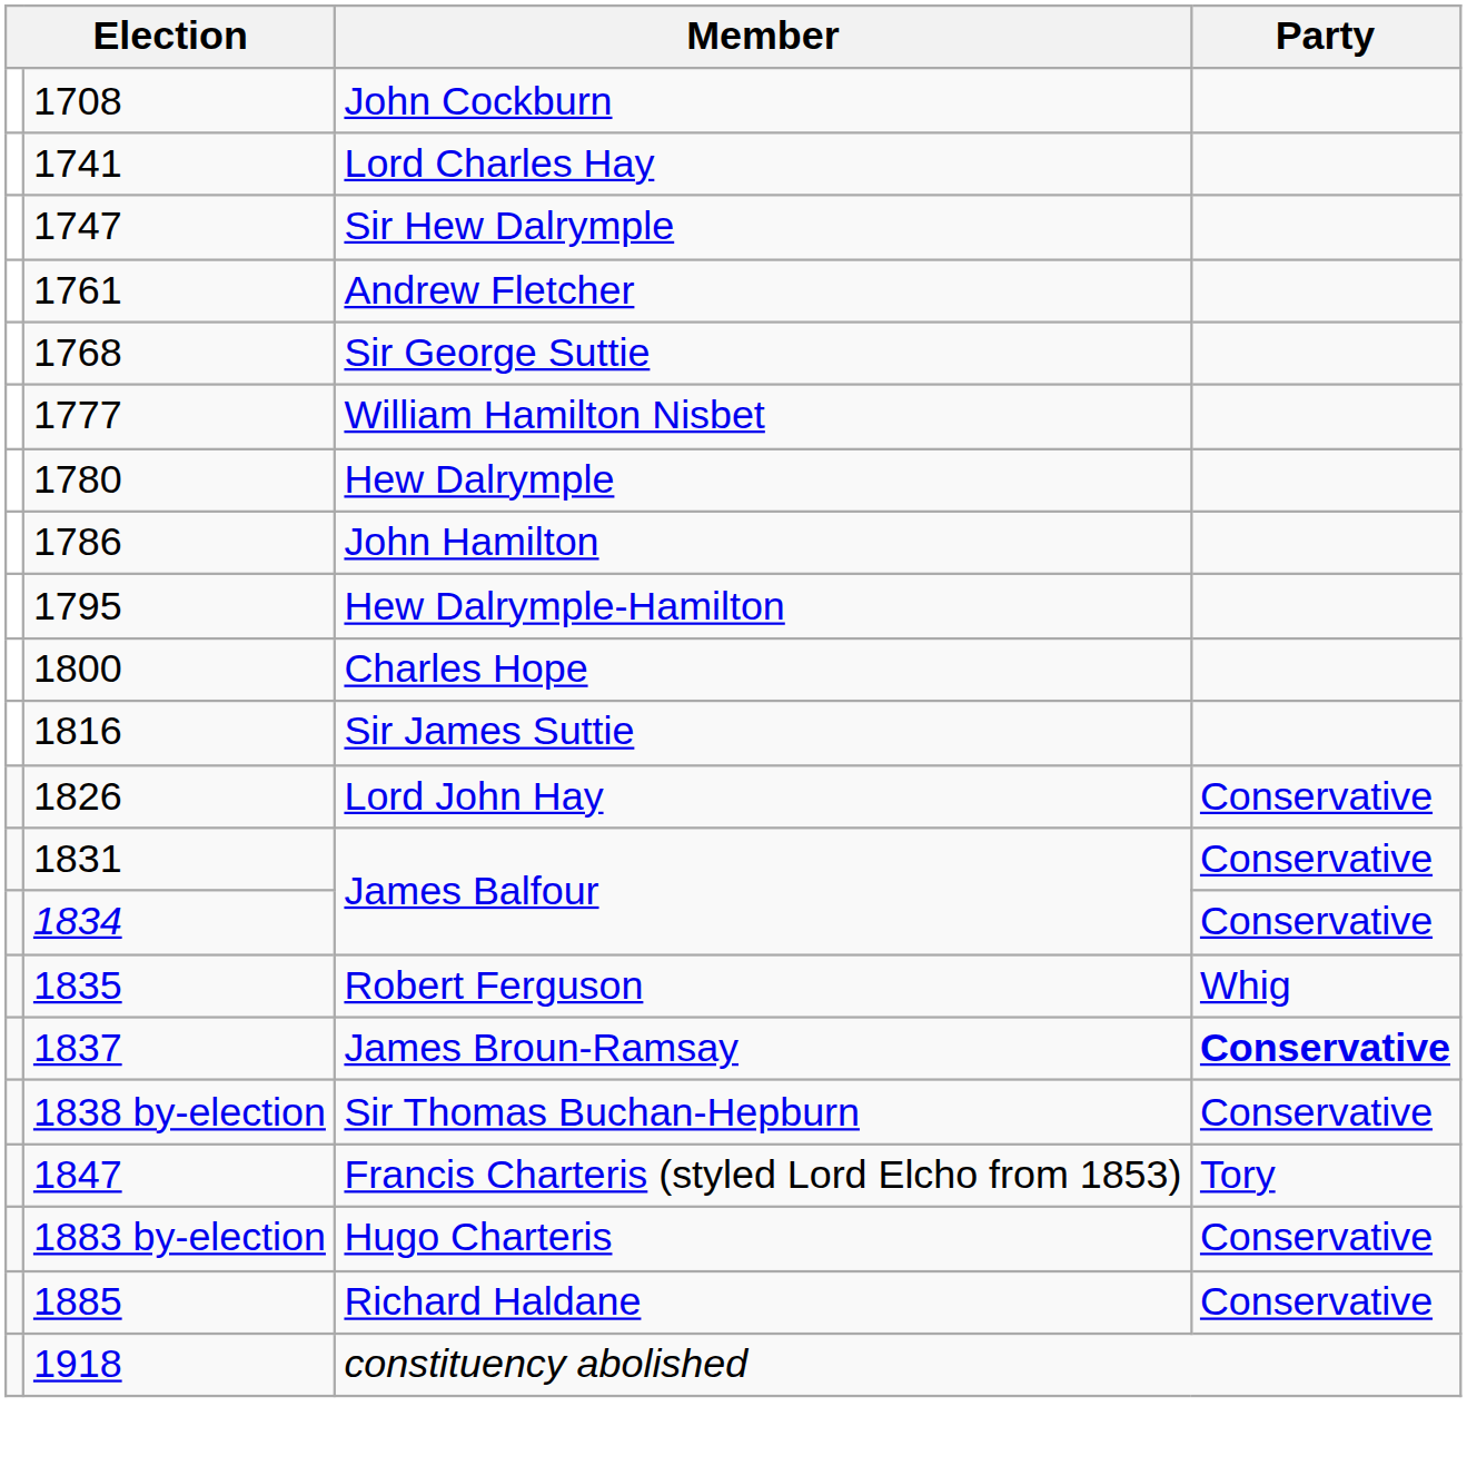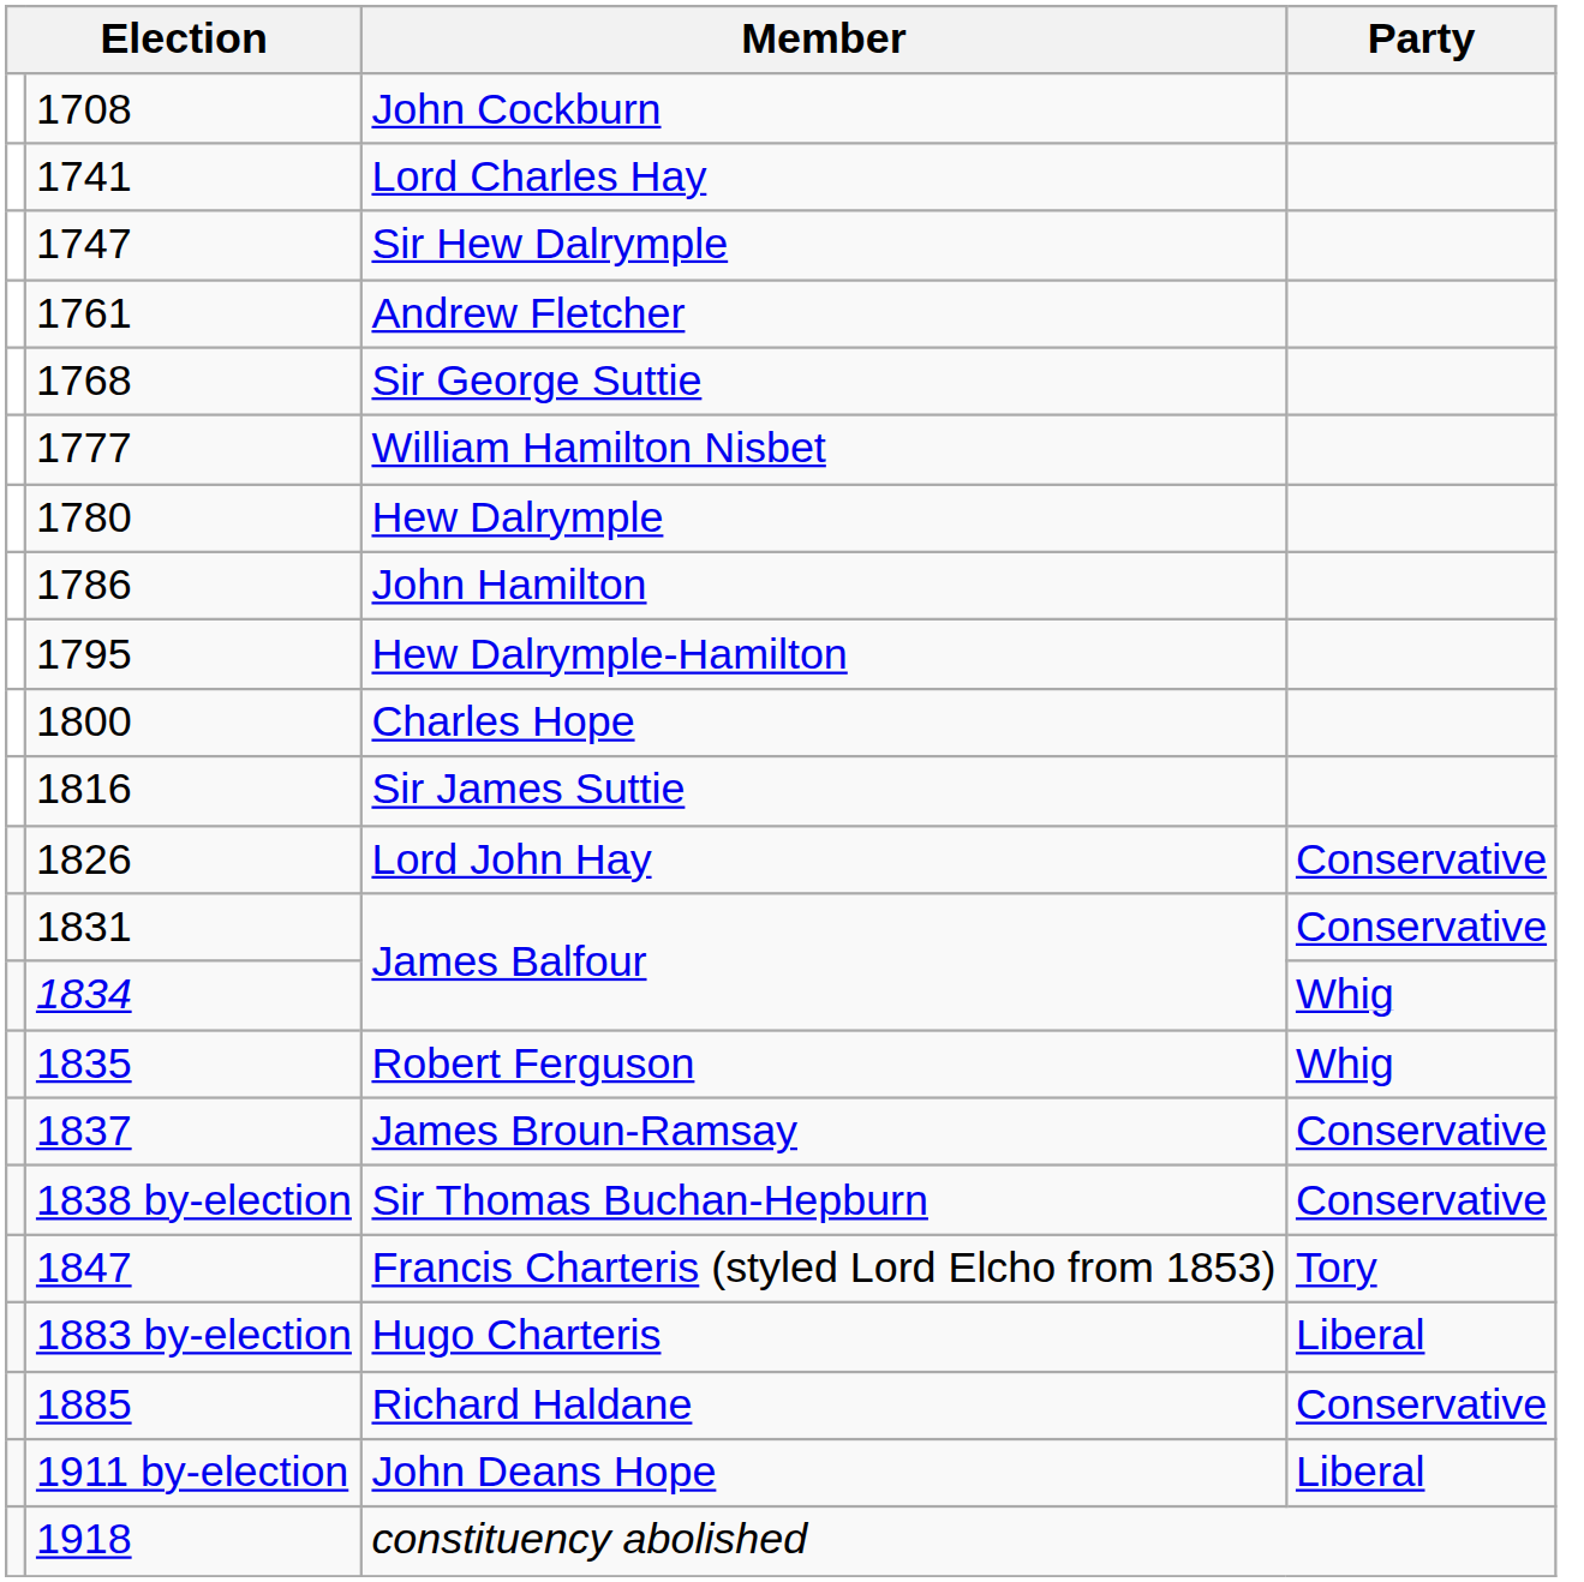 <table class="wikitable">
 <tr>
 <th colspan="2">Election</th>
 <th>Member </th>
 <th>Party</th>
 </tr>
 <tr>
 <td style="color:inherit;background-color: white"></td>
 <td>1708</td>
 <td><a href='#'>John Cockburn</a></td>
 <td></td>
 </tr>
 <tr>
 <td style="color:inherit;background-color: white"></td>
 <td>1741</td>
 <td><a href='#'>Lord Charles Hay</a></td>
 <td></td>
 </tr>
 <tr>
 <td style="color:inherit;background-color: white"></td>
 <td>1747</td>
 <td><a href='#'>Sir Hew Dalrymple</a></td>
 <td></td>
 </tr>
 <tr>
 <td style="color:inherit;background-color: white"></td>
 <td>1761</td>
 <td><a href='#'>Andrew Fletcher</a></td>
 <td></td>
 </tr>
 <tr>
 <td style="color:inherit;background-color: white"></td>
 <td>1768</td>
 <td><a href='#'>Sir George Suttie</a></td>
 <td></td>
 </tr>
 <tr>
 <td style="color:inherit;background-color: white"></td>
 <td>1777</td>
 <td><a href='#'>William Hamilton Nisbet</a></td>
 <td></td>
 </tr>
 <tr>
 <td style="color:inherit;background-color: white"></td>
 <td>1780</td>
 <td><a href='#'>Hew Dalrymple</a></td>
 <td></td>
 </tr>
 <tr>
 <td style="color:inherit;background-color: white"></td>
 <td>1786</td>
 <td><a href='#'>John Hamilton</a></td>
 <td></td>
 </tr>
 <tr>
 <td style="color:inherit;background-color: white"></td>
 <td>1795</td>
 <td><a href='#'>Hew Dalrymple-Hamilton</a></td>
 <td></td>
 </tr>
 <tr>
 <td style="color:inherit;background-color: white"></td>
 <td>1800</td>
 <td><a href='#'>Charles Hope</a></td>
 <td></td>
 </tr>
 <tr>
 <td style="color:inherit;background-color: white"></td>
 <td>1816</td>
 <td><a href='#'>Sir James Suttie</a></td>
 <td></td>
 </tr>
 <tr>
 <td style="color:inherit;background-color: "></td>
 <td>1826</td>
 <td><a href='#'>Lord John Hay</a></td>
 <td><a href='#'>Conservative</a></td>
 </tr>
 <tr>
 <td style="color:inherit;background-color: "></td>
 <td>1831</td>
 <td rowspan="2"><a href='#'>James Balfour</a></td>
 <td><a href='#'>Conservative</a></td>
 </tr>
 <tr>
 <td style="color:inherit;background-color: "></td>
 <td><em><a href='#'>1834</a></em></td>
-<td><a href='#'>Conservative</a></td>
+<td><a href='#'>Whig</a></td>
 </tr>
 <tr>
 <td style="color:inherit;background-color: "></td>
 <td><a href='#'>1835</a></td>
 <td><a href='#'>Robert Ferguson</a></td>
 <td><a href='#'>Whig</a></td>
 </tr>
 <tr>
 <td style="color:inherit;background-color: "></td>
 <td><a href='#'>1837</a></td>
 <td><a href='#'>James Broun-Ramsay</a></td>
-<td><strong><a href='#'>Conservative</a></strong></td>
+<td><a href='#'>Conservative</a></td>
 </tr>
 <tr>
 <td style="color:inherit;background-color: "></td>
 <td><a href='#'>1838 by-election</a></td>
 <td><a href='#'>Sir Thomas Buchan-Hepburn</a></td>
 <td><a href='#'>Conservative</a></td>
 </tr>
 <tr>
 <td style="color:inherit;background-color: "></td>
 <td><a href='#'>1847</a></td>
 <td><a href='#'>Francis Charteris</a> (styled Lord Elcho from 1853)</td>
 <td><a href='#'>Tory</a></td>
 </tr>
 <tr>
 <td style="color:inherit;background-color: "></td>
 <td><a href='#'>1883 by-election</a></td>
 <td><a href='#'>Hugo Charteris</a></td>
-<td><a href='#'>Conservative</a></td>
+<td><a href='#'>Liberal</a></td>
 </tr>
 <tr>
 <td style="color:inherit;background-color: "></td>
 <td><a href='#'>1885</a></td>
 <td><a href='#'>Richard Haldane</a></td>
 <td><a href='#'>Conservative</a></td>
 </tr>
 <tr>
+<td style="color:inherit;background-color: "></td>
+<td><a href='#'>1911 by-election</a></td>
+<td><a href='#'>John Deans Hope</a></td>
+<td><a href='#'>Liberal</a></td>
+</tr>
+<tr>
 <td></td>
 <td><a href='#'>1918</a></td>
 <td colspan="2"><em>constituency abolished</em></td>
 </tr>
 </table>
